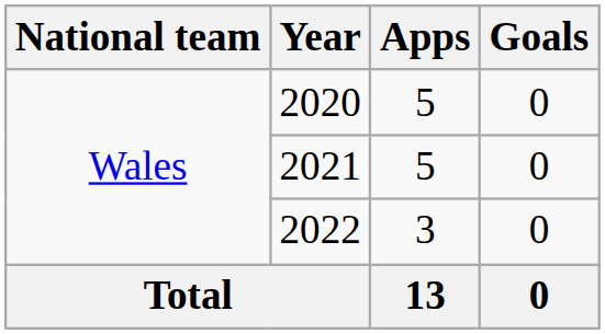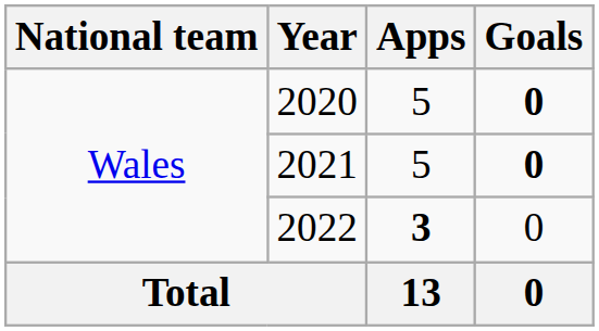 <table class=wikitable style=text-align:center>
 <tr>
 <th>National team</th>
 <th>Year</th>
 <th>Apps</th>
 <th>Goals</th>
 </tr>
 <tr>
 <td rowspan=3><a href='#'>Wales</a></td>
 <td>2020</td>
 <td>5</td>
-<td>0</td>
+<td><strong>0</strong></td>
 </tr>
 <tr>
 <td>2021</td>
 <td>5</td>
-<td>0</td>
+<td><strong>0</strong></td>
 </tr>
 <tr>
 <td>2022</td>
-<td>3</td>
+<td><strong>3</strong></td>
 <td>0</td>
 </tr>
 <tr>
 <th colspan=2>Total</th>
 <th>13</th>
 <th>0</th>
 </tr>
 </table>
